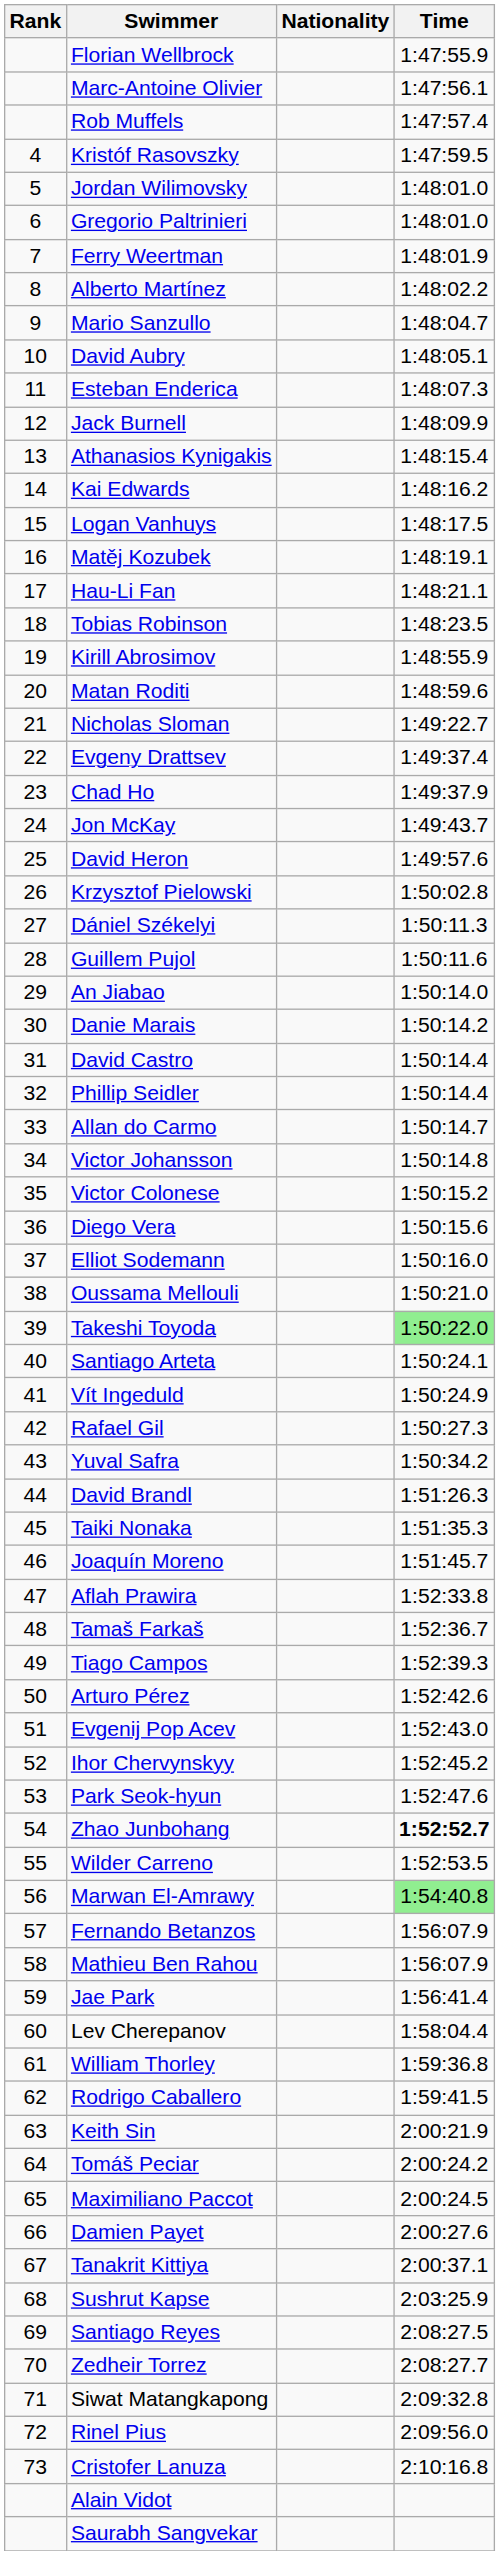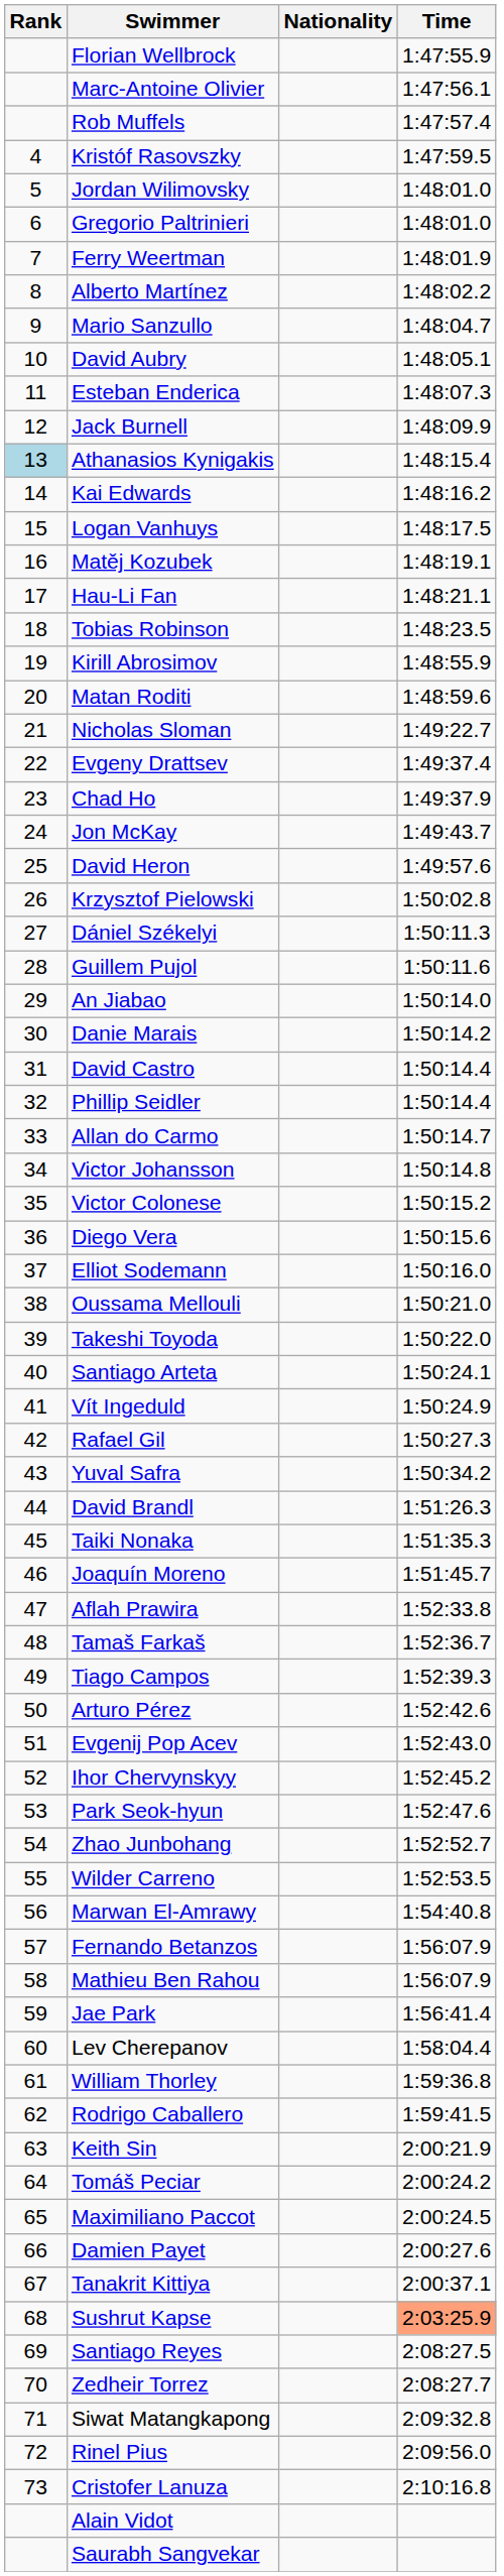 <table class="wikitable sortable" border="1" style="text-align:center">
 <tr>
 <th>Rank</th>
 <th>Swimmer</th>
 <th>Nationality</th>
 <th>Time</th>
 </tr>
 <tr>
 <td></td>
 <td align=left><a href='#'>Florian Wellbrock</a></td>
 <td align=left></td>
 <td>1:47:55.9</td>
 </tr>
 <tr>
 <td></td>
 <td align=left><a href='#'>Marc-Antoine Olivier</a></td>
 <td align=left></td>
 <td>1:47:56.1</td>
 </tr>
 <tr>
 <td></td>
 <td align=left><a href='#'>Rob Muffels</a></td>
 <td align=left></td>
 <td>1:47:57.4</td>
 </tr>
 <tr>
 <td>4</td>
 <td align=left><a href='#'>Kristóf Rasovszky</a></td>
 <td align=left></td>
 <td>1:47:59.5</td>
 </tr>
 <tr>
 <td>5</td>
 <td align=left><a href='#'>Jordan Wilimovsky</a></td>
 <td align=left></td>
 <td>1:48:01.0</td>
 </tr>
 <tr>
 <td>6</td>
 <td align=left><a href='#'>Gregorio Paltrinieri</a></td>
 <td align=left></td>
 <td>1:48:01.0</td>
 </tr>
 <tr>
 <td>7</td>
 <td align=left><a href='#'>Ferry Weertman</a></td>
 <td align=left></td>
 <td>1:48:01.9</td>
 </tr>
 <tr>
 <td>8</td>
 <td align=left><a href='#'>Alberto Martínez</a></td>
 <td align=left></td>
 <td>1:48:02.2</td>
 </tr>
 <tr>
 <td>9</td>
 <td align=left><a href='#'>Mario Sanzullo</a></td>
 <td align=left></td>
 <td>1:48:04.7</td>
 </tr>
 <tr>
 <td>10</td>
 <td align=left><a href='#'>David Aubry</a></td>
 <td align=left></td>
 <td>1:48:05.1</td>
 </tr>
 <tr>
 <td>11</td>
 <td align=left><a href='#'>Esteban Enderica</a></td>
 <td align=left></td>
 <td>1:48:07.3</td>
 </tr>
 <tr>
 <td>12</td>
 <td align=left><a href='#'>Jack Burnell</a></td>
 <td align=left></td>
 <td>1:48:09.9</td>
 </tr>
 <tr>
-<td>13</td>
+<td style="background: lightblue;">13</td>
 <td align=left><a href='#'>Athanasios Kynigakis</a></td>
 <td align=left></td>
 <td>1:48:15.4</td>
 </tr>
 <tr>
 <td>14</td>
 <td align=left><a href='#'>Kai Edwards</a></td>
 <td align=left></td>
 <td>1:48:16.2</td>
 </tr>
 <tr>
 <td>15</td>
 <td align=left><a href='#'>Logan Vanhuys</a></td>
 <td align=left></td>
 <td>1:48:17.5</td>
 </tr>
 <tr>
 <td>16</td>
 <td align=left><a href='#'>Matěj Kozubek</a></td>
 <td align=left></td>
 <td>1:48:19.1</td>
 </tr>
 <tr>
 <td>17</td>
 <td align=left><a href='#'>Hau-Li Fan</a></td>
 <td align=left></td>
 <td>1:48:21.1</td>
 </tr>
 <tr>
 <td>18</td>
 <td align=left><a href='#'>Tobias Robinson</a></td>
 <td align=left></td>
 <td>1:48:23.5</td>
 </tr>
 <tr>
 <td>19</td>
 <td align=left><a href='#'>Kirill Abrosimov</a></td>
 <td align=left></td>
 <td>1:48:55.9</td>
 </tr>
 <tr>
 <td>20</td>
 <td align=left><a href='#'>Matan Roditi</a></td>
 <td align=left></td>
 <td>1:48:59.6</td>
 </tr>
 <tr>
 <td>21</td>
 <td align=left><a href='#'>Nicholas Sloman</a></td>
 <td align=left></td>
 <td>1:49:22.7</td>
 </tr>
 <tr>
 <td>22</td>
 <td align=left><a href='#'>Evgeny Drattsev</a></td>
 <td align=left></td>
 <td>1:49:37.4</td>
 </tr>
 <tr>
 <td>23</td>
 <td align=left><a href='#'>Chad Ho</a></td>
 <td align=left></td>
 <td>1:49:37.9</td>
 </tr>
 <tr>
 <td>24</td>
 <td align=left><a href='#'>Jon McKay</a></td>
 <td align=left></td>
 <td>1:49:43.7</td>
 </tr>
 <tr>
 <td>25</td>
 <td align=left><a href='#'>David Heron</a></td>
 <td align=left></td>
 <td>1:49:57.6</td>
 </tr>
 <tr>
 <td>26</td>
 <td align=left><a href='#'>Krzysztof Pielowski</a></td>
 <td align=left></td>
 <td>1:50:02.8</td>
 </tr>
 <tr>
 <td>27</td>
 <td align=left><a href='#'>Dániel Székelyi</a></td>
 <td align=left></td>
 <td>1:50:11.3</td>
 </tr>
 <tr>
 <td>28</td>
 <td align=left><a href='#'>Guillem Pujol</a></td>
 <td align=left></td>
 <td>1:50:11.6</td>
 </tr>
 <tr>
 <td>29</td>
 <td align=left><a href='#'>An Jiabao</a></td>
 <td align=left></td>
 <td>1:50:14.0</td>
 </tr>
 <tr>
 <td>30</td>
 <td align=left><a href='#'>Danie Marais</a></td>
 <td align=left></td>
 <td>1:50:14.2</td>
 </tr>
 <tr>
 <td>31</td>
 <td align=left><a href='#'>David Castro</a></td>
 <td align=left></td>
 <td>1:50:14.4</td>
 </tr>
 <tr>
 <td>32</td>
 <td align=left><a href='#'>Phillip Seidler</a></td>
 <td align=left></td>
 <td>1:50:14.4</td>
 </tr>
 <tr>
 <td>33</td>
 <td align=left><a href='#'>Allan do Carmo</a></td>
 <td align=left></td>
 <td>1:50:14.7</td>
 </tr>
 <tr>
 <td>34</td>
 <td align=left><a href='#'>Victor Johansson</a></td>
 <td align=left></td>
 <td>1:50:14.8</td>
 </tr>
 <tr>
 <td>35</td>
 <td align=left><a href='#'>Victor Colonese</a></td>
 <td align=left></td>
 <td>1:50:15.2</td>
 </tr>
 <tr>
 <td>36</td>
 <td align=left><a href='#'>Diego Vera</a></td>
 <td align=left></td>
 <td>1:50:15.6</td>
 </tr>
 <tr>
 <td>37</td>
 <td align=left><a href='#'>Elliot Sodemann</a></td>
 <td align=left></td>
 <td>1:50:16.0</td>
 </tr>
 <tr>
 <td>38</td>
 <td align=left><a href='#'>Oussama Mellouli</a></td>
 <td align=left></td>
 <td>1:50:21.0</td>
 </tr>
 <tr>
 <td>39</td>
 <td align=left><a href='#'>Takeshi Toyoda</a></td>
 <td align=left></td>
-<td style="background: lightgreen;">1:50:22.0</td>
+<td>1:50:22.0</td>
 </tr>
 <tr>
 <td>40</td>
 <td align=left><a href='#'>Santiago Arteta</a></td>
 <td align=left></td>
 <td>1:50:24.1</td>
 </tr>
 <tr>
 <td>41</td>
 <td align=left><a href='#'>Vít Ingeduld</a></td>
 <td align=left></td>
 <td>1:50:24.9</td>
 </tr>
 <tr>
 <td>42</td>
 <td align=left><a href='#'>Rafael Gil</a></td>
 <td align=left></td>
 <td>1:50:27.3</td>
 </tr>
 <tr>
 <td>43</td>
 <td align=left><a href='#'>Yuval Safra</a></td>
 <td align=left></td>
 <td>1:50:34.2</td>
 </tr>
 <tr>
 <td>44</td>
 <td align=left><a href='#'>David Brandl</a></td>
 <td align=left></td>
 <td>1:51:26.3</td>
 </tr>
 <tr>
 <td>45</td>
 <td align=left><a href='#'>Taiki Nonaka</a></td>
 <td align=left></td>
 <td>1:51:35.3</td>
 </tr>
 <tr>
 <td>46</td>
 <td align=left><a href='#'>Joaquín Moreno</a></td>
 <td align=left></td>
 <td>1:51:45.7</td>
 </tr>
 <tr>
 <td>47</td>
 <td align=left><a href='#'>Aflah Prawira</a></td>
 <td align=left></td>
 <td>1:52:33.8</td>
 </tr>
 <tr>
 <td>48</td>
 <td align=left><a href='#'>Tamaš Farkaš</a></td>
 <td align=left></td>
 <td>1:52:36.7</td>
 </tr>
 <tr>
 <td>49</td>
 <td align=left><a href='#'>Tiago Campos</a></td>
 <td align=left></td>
 <td>1:52:39.3</td>
 </tr>
 <tr>
 <td>50</td>
 <td align=left><a href='#'>Arturo Pérez</a></td>
 <td align=left></td>
 <td>1:52:42.6</td>
 </tr>
 <tr>
 <td>51</td>
 <td align=left><a href='#'>Evgenij Pop Acev</a></td>
 <td align=left></td>
 <td>1:52:43.0</td>
 </tr>
 <tr>
 <td>52</td>
 <td align=left><a href='#'>Ihor Chervynskyy</a></td>
 <td align=left></td>
 <td>1:52:45.2</td>
 </tr>
 <tr>
 <td>53</td>
 <td align=left><a href='#'>Park Seok-hyun</a></td>
 <td align=left></td>
 <td>1:52:47.6</td>
 </tr>
 <tr>
 <td>54</td>
 <td align=left><a href='#'>Zhao Junbohang</a></td>
 <td align=left></td>
-<td><strong>1:52:52.7</strong></td>
+<td>1:52:52.7</td>
 </tr>
 <tr>
 <td>55</td>
 <td align=left><a href='#'>Wilder Carreno</a></td>
 <td align=left></td>
 <td>1:52:53.5</td>
 </tr>
 <tr>
 <td>56</td>
 <td align=left><a href='#'>Marwan El-Amrawy</a></td>
 <td align=left></td>
-<td style="background: lightgreen;">1:54:40.8</td>
+<td>1:54:40.8</td>
 </tr>
 <tr>
 <td>57</td>
 <td align=left><a href='#'>Fernando Betanzos</a></td>
 <td align=left></td>
 <td>1:56:07.9</td>
 </tr>
 <tr>
 <td>58</td>
 <td align=left><a href='#'>Mathieu Ben Rahou</a></td>
 <td align=left></td>
 <td>1:56:07.9</td>
 </tr>
 <tr>
 <td>59</td>
 <td align=left><a href='#'>Jae Park</a></td>
 <td align=left></td>
 <td>1:56:41.4</td>
 </tr>
 <tr>
 <td>60</td>
 <td align=left>Lev Cherepanov</td>
 <td align=left></td>
 <td>1:58:04.4</td>
 </tr>
 <tr>
 <td>61</td>
 <td align=left><a href='#'>William Thorley</a></td>
 <td align=left></td>
 <td>1:59:36.8</td>
 </tr>
 <tr>
 <td>62</td>
 <td align=left><a href='#'>Rodrigo Caballero</a></td>
 <td align=left></td>
 <td>1:59:41.5</td>
 </tr>
 <tr>
 <td>63</td>
 <td align=left><a href='#'>Keith Sin</a></td>
 <td align=left></td>
 <td>2:00:21.9</td>
 </tr>
 <tr>
 <td>64</td>
 <td align=left><a href='#'>Tomáš Peciar</a></td>
 <td align=left></td>
 <td>2:00:24.2</td>
 </tr>
 <tr>
 <td>65</td>
 <td align=left><a href='#'>Maximiliano Paccot</a></td>
 <td align=left></td>
 <td>2:00:24.5</td>
 </tr>
 <tr>
 <td>66</td>
 <td align=left><a href='#'>Damien Payet</a></td>
 <td align=left></td>
 <td>2:00:27.6</td>
 </tr>
 <tr>
 <td>67</td>
 <td align=left><a href='#'>Tanakrit Kittiya</a></td>
 <td align=left></td>
 <td>2:00:37.1</td>
 </tr>
 <tr>
 <td>68</td>
 <td align=left><a href='#'>Sushrut Kapse</a></td>
 <td align=left></td>
-<td>2:03:25.9</td>
+<td style="background: lightsalmon;">2:03:25.9</td>
 </tr>
 <tr>
 <td>69</td>
 <td align=left><a href='#'>Santiago Reyes</a></td>
 <td align=left></td>
 <td>2:08:27.5</td>
 </tr>
 <tr>
 <td>70</td>
 <td align=left><a href='#'>Zedheir Torrez</a></td>
 <td align=left></td>
 <td>2:08:27.7</td>
 </tr>
 <tr>
 <td>71</td>
 <td align=left>Siwat Matangkapong</td>
 <td align=left></td>
 <td>2:09:32.8</td>
 </tr>
 <tr>
 <td>72</td>
 <td align=left><a href='#'>Rinel Pius</a></td>
 <td align=left></td>
 <td>2:09:56.0</td>
 </tr>
 <tr>
 <td>73</td>
 <td align=left><a href='#'>Cristofer Lanuza</a></td>
 <td align=left></td>
 <td>2:10:16.8</td>
 </tr>
 <tr>
 <td></td>
 <td align=left><a href='#'>Alain Vidot</a></td>
 <td align=left></td>
 <td></td>
 </tr>
 <tr>
 <td></td>
 <td align=left><a href='#'>Saurabh Sangvekar</a></td>
 <td align=left></td>
 <td></td>
 </tr>
 </table>
